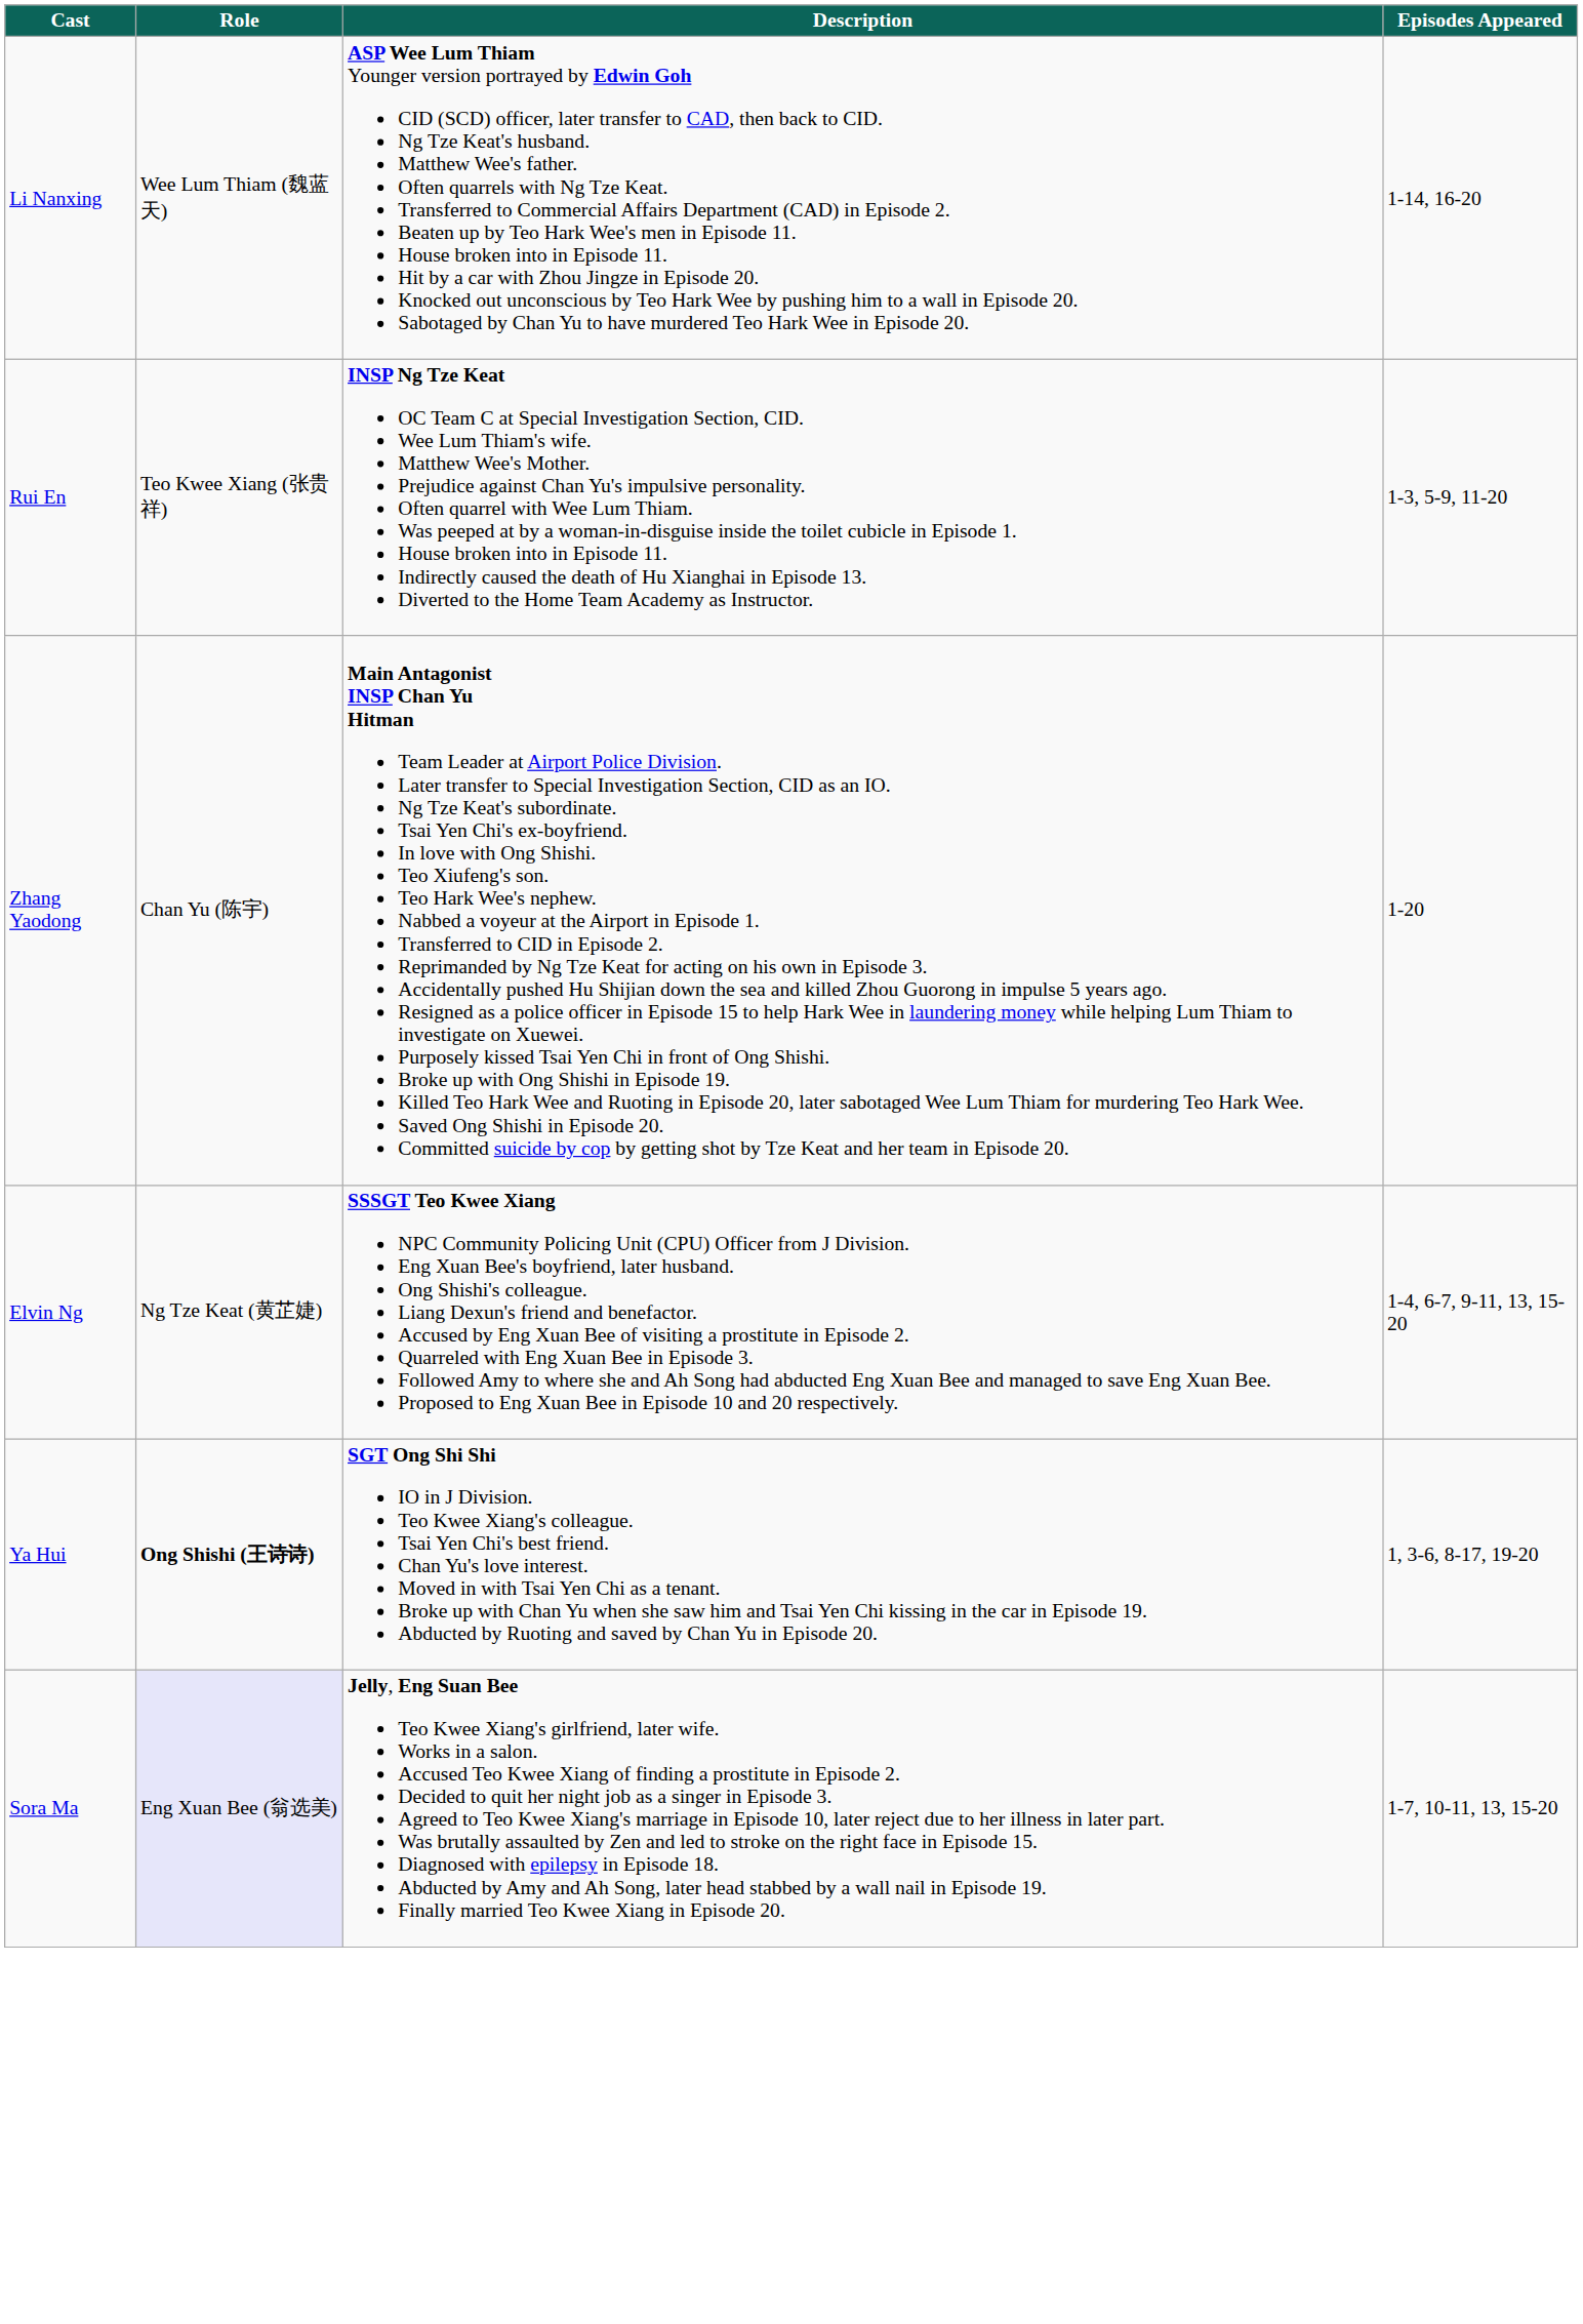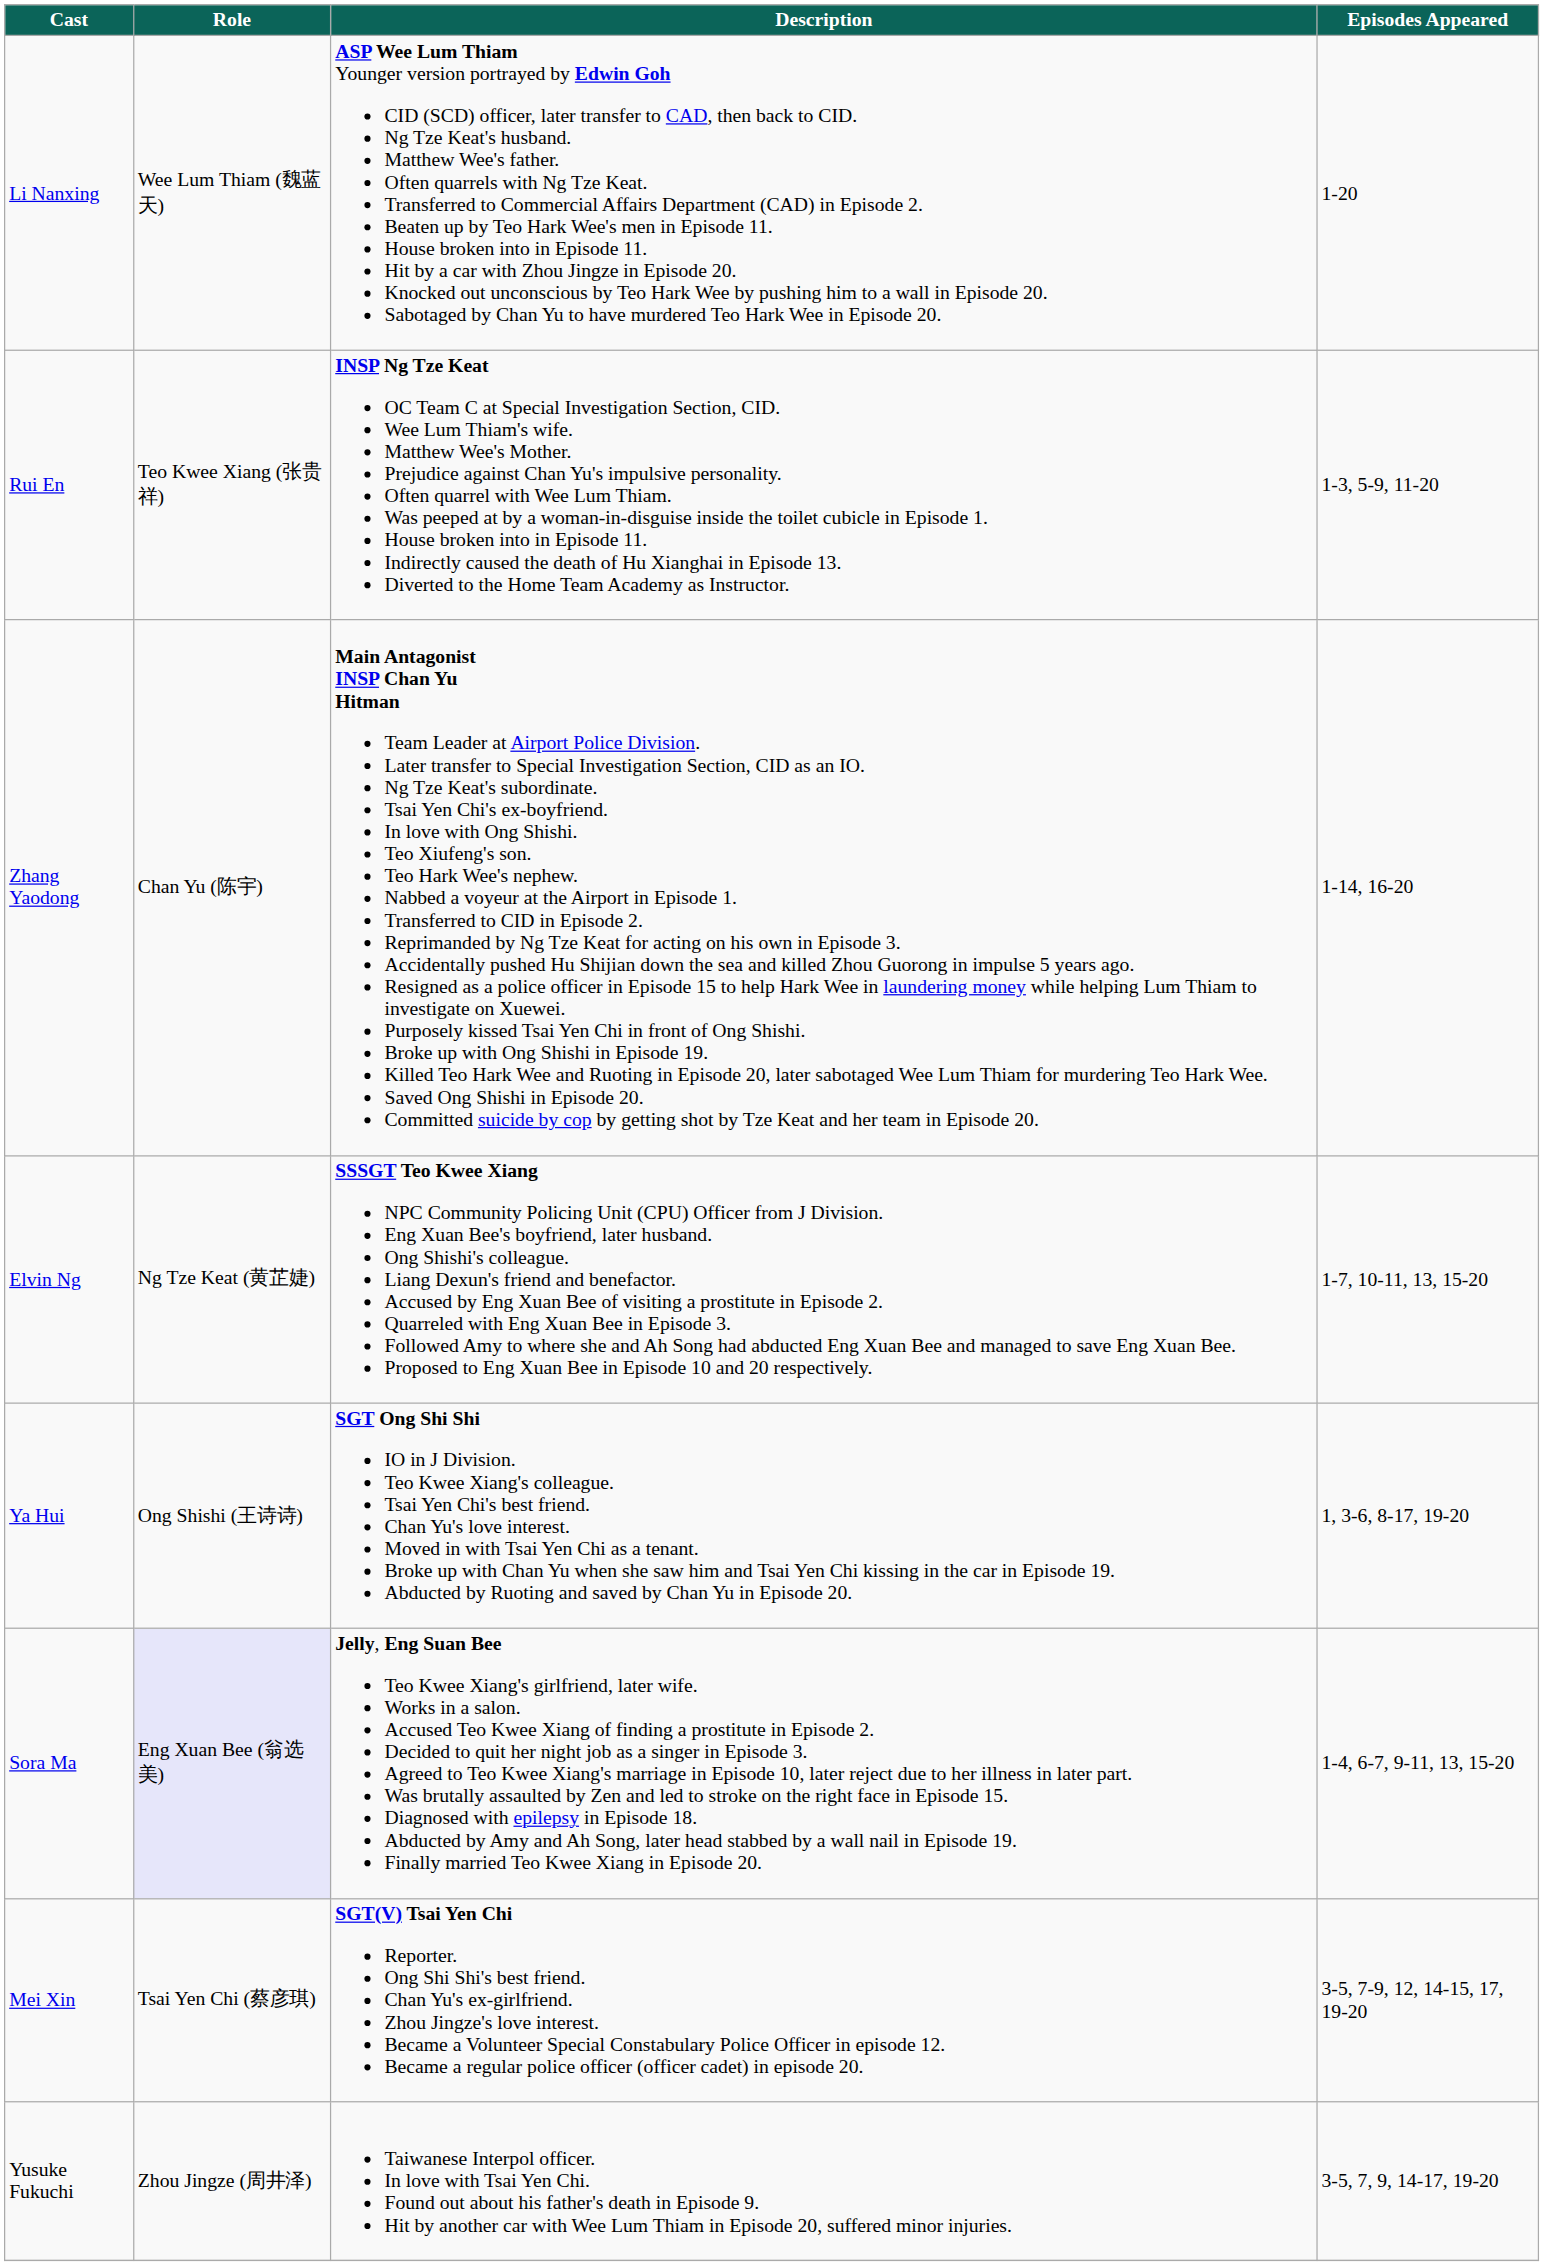 <table class="wikitable">
 <tr>
 <th style="background:#0B6459; color:white">Cast</th>
 <th style="background:#0B6459; color:white">Role</th>
 <th style="background:#0B6459; color:white">Description</th>
 <th style="background:#0B6459; color:white">Episodes Appeared</th>
 </tr>
 <tr>
 <td><a href='#'>Li Nanxing</a></td>
 <td>Wee Lum Thiam (魏蓝天)</td>
 <td><strong><a href='#'>ASP</a> Wee Lum Thiam</strong><br>Younger version portrayed by <strong><a href='#'>Edwin Goh</a></strong><br><ul><li>CID (SCD) officer, later transfer to <a href='#'>CAD</a>, then back to CID.</li><li>Ng Tze Keat's husband.</li><li>Matthew Wee's father.</li><li>Often quarrels with Ng Tze Keat.</li><li>Transferred to Commercial Affairs Department (CAD) in Episode 2.</li><li>Beaten up by Teo Hark Wee's men in Episode 11.</li><li>House broken into in Episode 11.</li><li>Hit by a car with Zhou Jingze in Episode 20.</li><li>Knocked out unconscious by Teo Hark Wee by pushing him to a wall in Episode 20.</li><li>Sabotaged by Chan Yu to have murdered Teo Hark Wee in Episode 20.</li></ul></td>
-<td>1-14, 16-20</td>
+<td>1-20</td>
 </tr>
 <tr>
 <td><a href='#'>Rui En</a></td>
 <td>Teo Kwee Xiang (张贵祥)</td>
 <td><strong><a href='#'>INSP</a> Ng Tze Keat</strong><br><ul><li>OC Team C at Special Investigation Section, CID.</li><li>Wee Lum Thiam's wife.</li><li>Matthew Wee's Mother.</li><li>Prejudice against Chan Yu's impulsive personality.</li><li>Often quarrel with Wee Lum Thiam.</li><li>Was peeped at by a woman-in-disguise inside the toilet cubicle in Episode 1.</li><li>House broken into in Episode 11.</li><li>Indirectly caused the death of Hu Xianghai in Episode 13.</li><li>Diverted to the Home Team Academy as Instructor.</li></ul></td>
 <td>1-3, 5-9, 11-20</td>
 </tr>
 <tr>
 <td><a href='#'>Zhang Yaodong</a></td>
 <td>Chan Yu (陈宇)</td>
 <td><br><strong>Main Antagonist</strong><br> <strong><a href='#'>INSP</a> Chan Yu</strong><br><strong>Hitman</strong><ul><li>Team Leader at <a href='#'>Airport Police Division</a>.</li><li>Later transfer to Special Investigation Section, CID as an IO.</li><li>Ng Tze Keat's subordinate.</li><li>Tsai Yen Chi's ex-boyfriend.</li><li>In love with Ong Shishi.</li><li>Teo Xiufeng's son.</li><li>Teo Hark Wee's nephew.</li><li>Nabbed a voyeur at the Airport in Episode 1.</li><li>Transferred to CID in Episode 2.</li><li>Reprimanded by Ng Tze Keat for acting on his own in Episode 3.</li><li>Accidentally pushed Hu Shijian down the sea and killed Zhou Guorong in impulse 5 years ago.</li><li>Resigned as a police officer in Episode 15 to help Hark Wee in <a href='#'>laundering money</a> while helping Lum Thiam to investigate on Xuewei.</li><li>Purposely kissed Tsai Yen Chi in front of Ong Shishi.</li><li>Broke up with Ong Shishi in Episode 19.</li><li>Killed Teo Hark Wee and Ruoting in Episode 20, later sabotaged Wee Lum Thiam for murdering Teo Hark Wee.</li><li>Saved Ong Shishi in Episode 20.</li><li>Committed <a href='#'>suicide by cop</a> by getting shot by Tze Keat and her team in Episode 20.</li></ul></td>
-<td>1-20</td>
+<td>1-14, 16-20</td>
 </tr>
 <tr>
 <td><a href='#'>Elvin Ng</a></td>
 <td>Ng Tze Keat (黄芷婕)</td>
 <td><strong><a href='#'>SSSGT</a> Teo Kwee Xiang</strong><br><ul><li>NPC Community Policing Unit (CPU) Officer from J Division.</li><li>Eng Xuan Bee's boyfriend, later husband.</li><li>Ong Shishi's colleague.</li><li>Liang Dexun's friend and benefactor.</li><li>Accused by Eng Xuan Bee of visiting a prostitute in Episode 2.</li><li>Quarreled with Eng Xuan Bee in Episode 3.</li><li>Followed Amy to where she and Ah Song had abducted Eng Xuan Bee and managed to save Eng Xuan Bee.</li><li>Proposed to Eng Xuan Bee in Episode 10 and 20 respectively.</li></ul></td>
-<td>1-4, 6-7, 9-11, 13, 15-20</td>
+<td>1-7, 10-11, 13, 15-20</td>
 </tr>
 <tr>
 <td><a href='#'>Ya Hui</a></td>
-<td><strong>Ong Shishi (王诗诗)</strong></td>
+<td>Ong Shishi (王诗诗)</td>
 <td><strong><a href='#'>SGT</a> Ong Shi Shi</strong><br><ul><li>IO in J Division.</li><li>Teo Kwee Xiang's colleague.</li><li>Tsai Yen Chi's best friend.</li><li>Chan Yu's love interest.</li><li>Moved in with Tsai Yen Chi as a tenant.</li><li>Broke up with Chan Yu when she saw him and Tsai Yen Chi kissing in the car in Episode 19.</li><li>Abducted by Ruoting and saved by Chan Yu in Episode 20.</li></ul></td>
 <td>1, 3-6, 8-17, 19-20</td>
 </tr>
 <tr>
 <td><a href='#'>Sora Ma</a></td>
 <td style="background: lavender;">Eng Xuan Bee (翁选美)</td>
 <td><strong>Jelly</strong>, <strong>Eng Suan Bee</strong><br><ul><li>Teo Kwee Xiang's girlfriend, later wife.</li><li>Works in a salon.</li><li>Accused Teo Kwee Xiang of finding a prostitute in Episode 2.</li><li>Decided to quit her night job as a singer in Episode 3.</li><li>Agreed to Teo Kwee Xiang's marriage in Episode 10, later reject due to her illness in later part.</li><li>Was brutally assaulted by Zen and led to stroke on the right face in Episode 15.</li><li>Diagnosed with <a href='#'>epilepsy</a> in Episode 18.</li><li>Abducted by Amy and Ah Song, later head stabbed by a wall nail in Episode 19.</li><li>Finally married Teo Kwee Xiang in Episode 20.</li></ul></td>
-<td>1-7, 10-11, 13, 15-20</td>
+<td>1-4, 6-7, 9-11, 13, 15-20</td>
+</tr>
+<tr>
+<td><a href='#'>Mei Xin</a></td>
+<td>Tsai Yen Chi (蔡彦琪)</td>
+<td><strong><a href='#'>SGT(V)</a> Tsai Yen Chi</strong><br><ul><li>Reporter.</li><li>Ong Shi Shi's best friend.</li><li>Chan Yu's ex-girlfriend.</li><li>Zhou Jingze's love interest.</li><li>Became a Volunteer Special Constabulary Police Officer in episode 12.</li><li>Became a regular police officer (officer cadet) in episode 20.</li></ul></td>
+<td>3-5, 7-9, 12, 14-15, 17, 19-20</td>
+</tr>
+<tr>
+<td>Yusuke Fukuchi</td>
+<td>Zhou Jingze (周井泽)</td>
+<td><br><ul><li>Taiwanese Interpol officer.</li><li>In love with Tsai Yen Chi.</li><li>Found out about his father's death in Episode 9.</li><li>Hit by another car with Wee Lum Thiam in Episode 20, suffered minor injuries.</li></ul></td>
+<td>3-5, 7, 9, 14-17, 19-20</td>
 </tr>
 <tr>
 </tr>
 </table>
